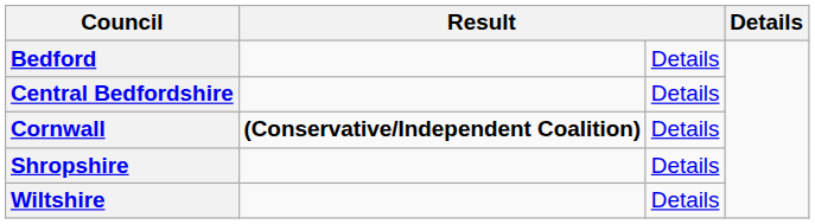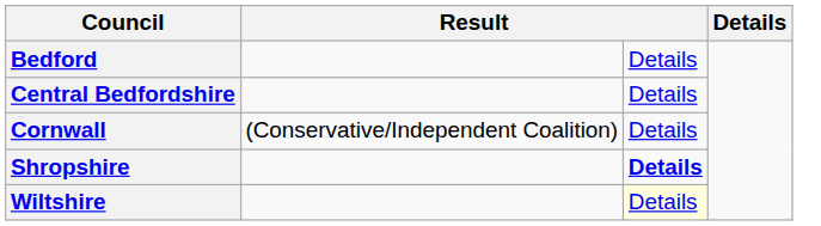 <table class="wikitable" border="1">
 <tr>
 <th scope="col">Council</th>
 <th colspan=2>Result</th>
 <th scope="col">Details</th>
 </tr>
 <tr>
 <th scope="row" style="text-align: left;"><a href='#'>Bedford</a></th>
 <td></td>
 <td><a href='#'>Details</a></td>
 </tr>
 <tr>
 <th scope="row" style="text-align: left;"><a href='#'>Central Bedfordshire</a></th>
 <td></td>
 <td><a href='#'>Details</a></td>
 </tr>
 <tr>
 <th scope="row" style="text-align: left;"><a href='#'>Cornwall</a></th>
-<td><strong> (Conservative/Independent Coalition)</strong></td>
+<td> (Conservative/Independent Coalition)</td>
 <td><a href='#'>Details</a></td>
 </tr>
 <tr>
 <th scope="row" style="text-align: left;"><a href='#'>Shropshire</a></th>
 <td></td>
-<td><a href='#'>Details</a></td>
+<td><strong><a href='#'>Details</a></strong></td>
 </tr>
 <tr>
 <th scope="row" style="text-align: left;"><a href='#'>Wiltshire</a></th>
 <td></td>
-<td><a href='#'>Details</a></td>
+<td style="background: lightyellow;"><a href='#'>Details</a></td>
 </tr>
 </table>
